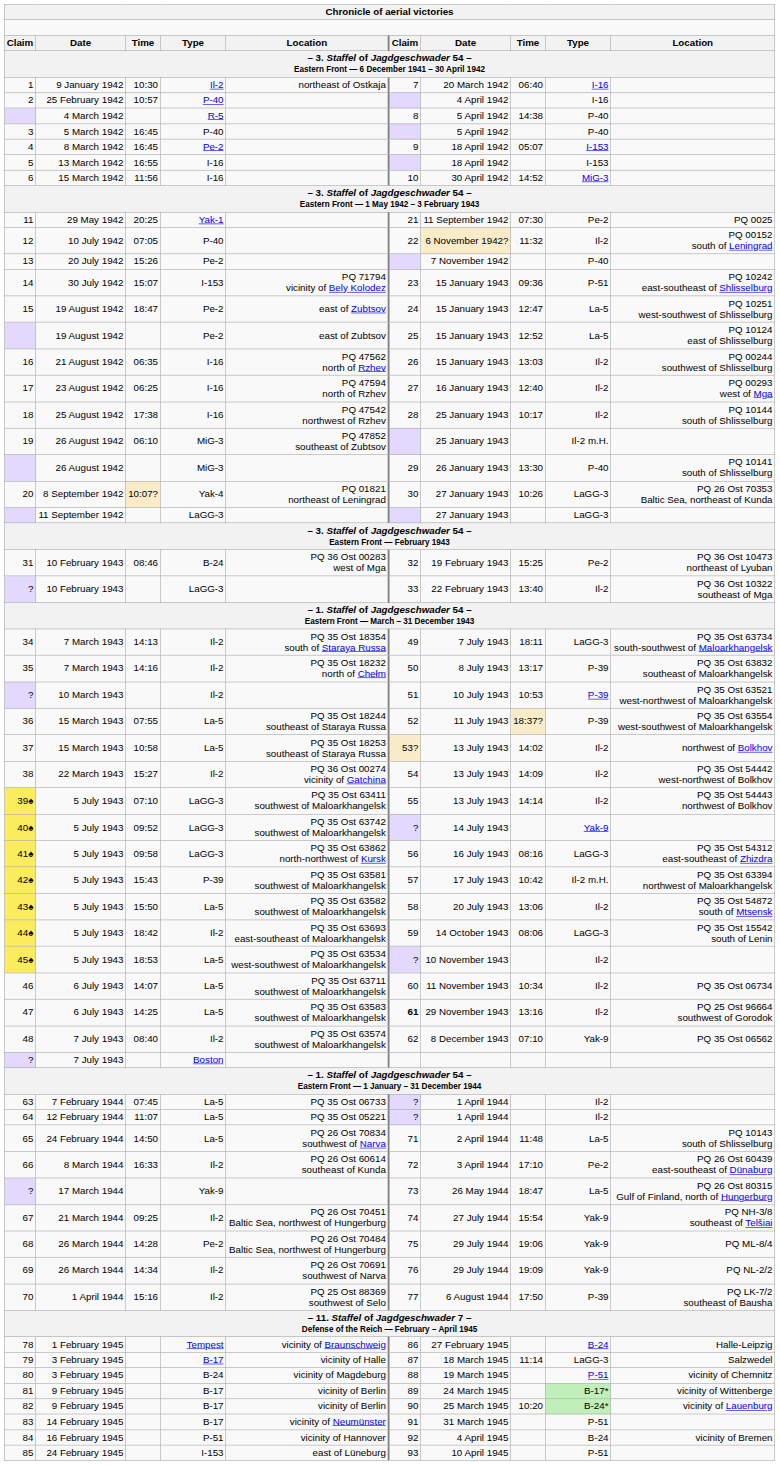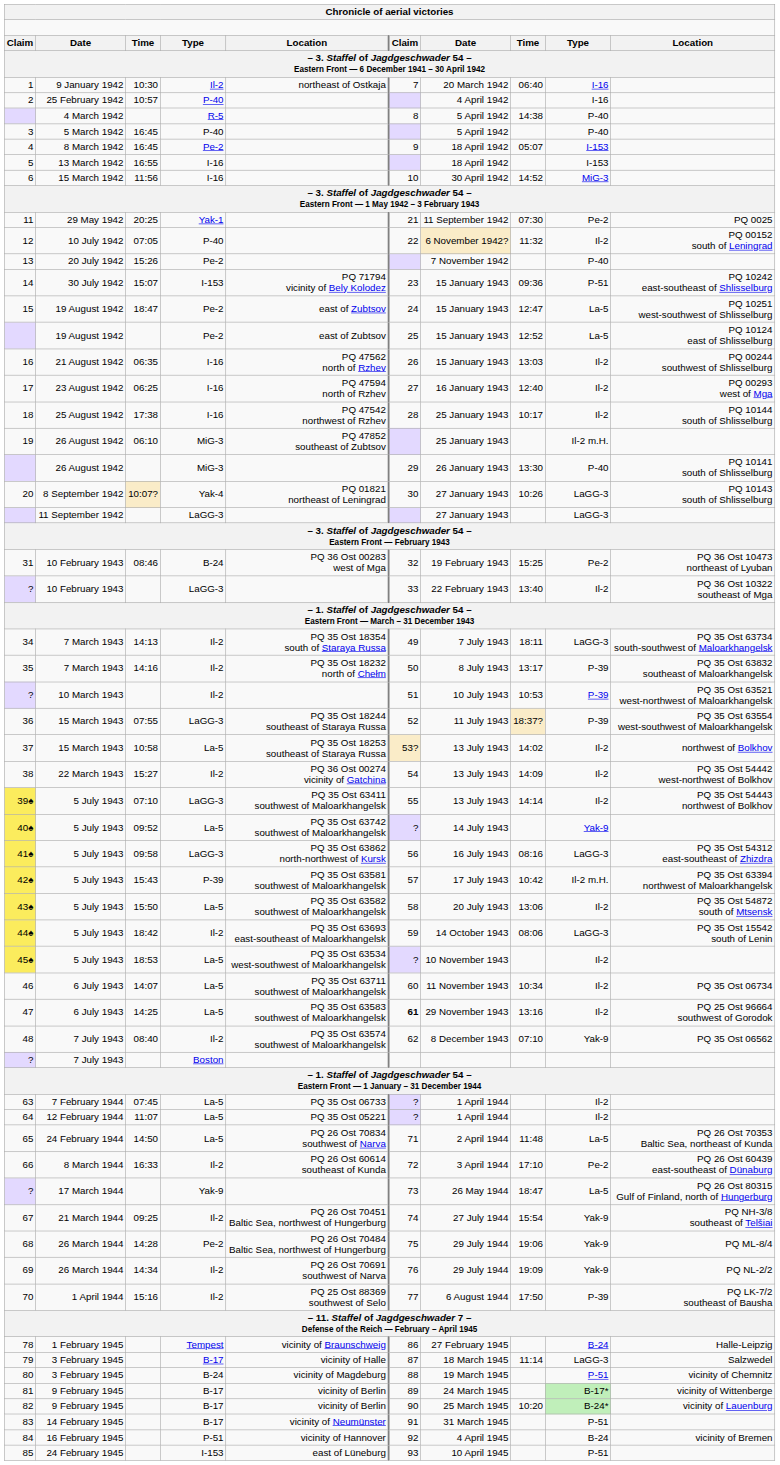 <table class="wikitable plainrowheaders collapsible" style="margin-left: auto; margin-right: auto; border: none; text-align:right; width: 100%;">
 <tr>
 <th colspan="10">Chronicle of aerial victories</th>
 </tr>
 <tr>
 <td colspan="10" style="text-align: left;"><br>   </td>
 </tr>
 <tr>
 <th scope="col">Claim</th>
 <th scope="col">Date</th>
 <th scope="col">Time</th>
 <th scope="col" width="100px">Type</th>
 <th scope="col">Location</th>
 <th scope="col" style="border-left: 3px solid grey;">Claim</th>
 <th scope="col">Date</th>
 <th scope="col">Time</th>
 <th scope="col" width="100px">Type</th>
 <th scope="col">Location</th>
 </tr>
 <tr>
 <th colspan="10">– 3. <em>Staffel</em> of <em>Jagdgeschwader</em> 54 –<br><small>Eastern Front — 6 December 1941 – 30 April 1942</small></th>
 </tr>
 <tr>
 <td>1</td>
 <td>9 January 1942</td>
 <td>10:30</td>
 <td><a href='#'>Il-2</a></td>
 <td> northeast of Ostkaja</td>
 <td style="border-left: 3px solid grey;">7</td>
 <td>20 March 1942</td>
 <td>06:40</td>
 <td><a href='#'>I-16</a></td>
 <td></td>
 </tr>
 <tr>
 <td>2</td>
 <td>25 February 1942</td>
 <td>10:57</td>
 <td><a href='#'>P-40</a></td>
 <td></td>
 <td style="border-left: 3px solid grey; background:#e3d9ff;"></td>
 <td>4 April 1942</td>
 <td></td>
 <td>I-16</td>
 <td></td>
 </tr>
 <tr>
 <td style="background:#e3d9ff;"></td>
 <td>4 March 1942</td>
 <td></td>
 <td><a href='#'>R-5</a></td>
 <td></td>
 <td style="border-left: 3px solid grey;">8</td>
 <td>5 April 1942</td>
 <td>14:38</td>
 <td>P-40</td>
 <td></td>
 </tr>
 <tr>
 <td>3</td>
 <td>5 March 1942</td>
 <td>16:45</td>
 <td>P-40</td>
 <td></td>
 <td style="border-left: 3px solid grey; background:#e3d9ff;"></td>
 <td>5 April 1942</td>
 <td></td>
 <td>P-40</td>
 <td></td>
 </tr>
 <tr>
 <td>4</td>
 <td>8 March 1942</td>
 <td>16:45</td>
 <td><a href='#'>Pe-2</a></td>
 <td></td>
 <td style="border-left: 3px solid grey;">9</td>
 <td>18 April 1942</td>
 <td>05:07</td>
 <td><a href='#'>I-153</a></td>
 <td></td>
 </tr>
 <tr>
 <td>5</td>
 <td>13 March 1942</td>
 <td>16:55</td>
 <td>I-16</td>
 <td></td>
 <td style="border-left: 3px solid grey; background:#e3d9ff;"></td>
 <td>18 April 1942</td>
 <td></td>
 <td>I-153</td>
 <td></td>
 </tr>
 <tr>
 <td>6</td>
 <td>15 March 1942</td>
 <td>11:56</td>
 <td>I-16</td>
 <td></td>
 <td style="border-left: 3px solid grey;">10</td>
 <td>30 April 1942</td>
 <td>14:52</td>
 <td><a href='#'>MiG-3</a></td>
 <td></td>
 </tr>
 <tr>
 <th colspan="10">– 3. <em>Staffel</em> of <em>Jagdgeschwader</em> 54 –<br><small>Eastern Front — 1 May 1942 – 3 February 1943</small></th>
 </tr>
 <tr>
 <td>11</td>
 <td>29 May 1942</td>
 <td>20:25</td>
 <td><a href='#'>Yak-1</a></td>
 <td></td>
 <td style="border-left: 3px solid grey;">21</td>
 <td>11 September 1942</td>
 <td>07:30</td>
 <td>Pe-2</td>
 <td>PQ 0025</td>
 </tr>
 <tr>
 <td>12</td>
 <td>10 July 1942</td>
 <td>07:05</td>
 <td>P-40</td>
 <td></td>
 <td style="border-left: 3px solid grey;">22</td>
 <td style="background:#faecc8">6 November 1942?</td>
 <td>11:32</td>
 <td>Il-2</td>
 <td>PQ 00152<br> south of <a href='#'>Leningrad</a></td>
 </tr>
 <tr>
 <td>13</td>
 <td>20 July 1942</td>
 <td>15:26</td>
 <td>Pe-2</td>
 <td></td>
 <td style="border-left: 3px solid grey; background:#e3d9ff;"></td>
 <td>7 November 1942</td>
 <td></td>
 <td>P-40</td>
 <td></td>
 </tr>
 <tr>
 <td>14</td>
 <td>30 July 1942</td>
 <td>15:07</td>
 <td>I-153</td>
 <td>PQ 71794<br>vicinity of <a href='#'>Bely Kolodez</a></td>
 <td style="border-left: 3px solid grey;">23</td>
 <td>15 January 1943</td>
 <td>09:36</td>
 <td>P-51</td>
 <td>PQ 10242<br> east-southeast of <a href='#'>Shlisselburg</a></td>
 </tr>
 <tr>
 <td>15</td>
 <td>19 August 1942</td>
 <td>18:47</td>
 <td>Pe-2</td>
 <td>east of <a href='#'>Zubtsov</a></td>
 <td style="border-left: 3px solid grey;">24</td>
 <td>15 January 1943</td>
 <td>12:47</td>
 <td>La-5</td>
 <td>PQ 10251<br> west-southwest of Shlisselburg</td>
 </tr>
 <tr>
 <td style="background:#e3d9ff;"></td>
 <td>19 August 1942</td>
 <td></td>
 <td>Pe-2</td>
 <td>east of Zubtsov</td>
 <td style="border-left: 3px solid grey;">25</td>
 <td>15 January 1943</td>
 <td>12:52</td>
 <td>La-5</td>
 <td>PQ 10124<br>east of Shlisselburg</td>
 </tr>
 <tr>
 <td>16</td>
 <td>21 August 1942</td>
 <td>06:35</td>
 <td>I-16</td>
 <td>PQ 47562<br> north of <a href='#'>Rzhev</a></td>
 <td style="border-left: 3px solid grey;">26</td>
 <td>15 January 1943</td>
 <td>13:03</td>
 <td>Il-2</td>
 <td>PQ 00244<br> southwest of Shlisselburg</td>
 </tr>
 <tr>
 <td>17</td>
 <td>23 August 1942</td>
 <td>06:25</td>
 <td>I-16</td>
 <td>PQ 47594<br>north of Rzhev</td>
 <td style="border-left: 3px solid grey;">27</td>
 <td>16 January 1943</td>
 <td>12:40</td>
 <td>Il-2</td>
 <td>PQ 00293<br> west of <a href='#'>Mga</a></td>
 </tr>
 <tr>
 <td>18</td>
 <td>25 August 1942</td>
 <td>17:38</td>
 <td>I-16</td>
 <td>PQ 47542<br> northwest of Rzhev</td>
 <td style="border-left: 3px solid grey;">28</td>
 <td>25 January 1943</td>
 <td>10:17</td>
 <td>Il-2</td>
 <td>PQ 10144<br>south of Shlisselburg</td>
 </tr>
 <tr>
 <td>19</td>
 <td>26 August 1942</td>
 <td>06:10</td>
 <td>MiG-3</td>
 <td>PQ 47852<br> southeast of Zubtsov</td>
 <td style="border-left: 3px solid grey; background:#e3d9ff;"></td>
 <td>25 January 1943</td>
 <td></td>
 <td>Il-2 m.H.</td>
 <td></td>
 </tr>
 <tr>
 <td style="background:#e3d9ff;"></td>
 <td>26 August 1942</td>
 <td></td>
 <td>MiG-3</td>
 <td></td>
 <td style="border-left: 3px solid grey;">29</td>
 <td>26 January 1943</td>
 <td>13:30</td>
 <td>P-40</td>
 <td>PQ 10141<br>south of Shlisselburg</td>
 </tr>
 <tr>
 <td>20</td>
 <td>8 September 1942</td>
 <td style="background:#faecc8">10:07?</td>
 <td>Yak-4</td>
 <td>PQ 01821<br> northeast of Leningrad</td>
 <td style="border-left: 3px solid grey;">30</td>
 <td>27 January 1943</td>
 <td>10:26</td>
 <td>LaGG-3</td>
-<td>PQ 26 Ost 70353<br>Baltic Sea,  northeast of Kunda</td>
+<td>PQ 10143<br>south of Shlisselburg</td>
 </tr>
 <tr>
 <td style="background:#e3d9ff;"></td>
 <td>11 September 1942</td>
 <td></td>
 <td>LaGG-3</td>
 <td></td>
 <td style="border-left: 3px solid grey; background:#e3d9ff;"></td>
 <td>27 January 1943</td>
 <td></td>
 <td>LaGG-3</td>
 <td></td>
 </tr>
 <tr>
 <th colspan="10">– 3. <em>Staffel</em> of <em>Jagdgeschwader</em> 54 –<br><small>Eastern Front — February 1943</small></th>
 </tr>
 <tr>
 <td>31</td>
 <td>10 February 1943</td>
 <td>08:46</td>
 <td>B-24</td>
 <td>PQ 36 Ost 00283<br> west of Mga</td>
 <td style="border-left: 3px solid grey;">32</td>
 <td>19 February 1943</td>
 <td>15:25</td>
 <td>Pe-2</td>
 <td>PQ 36 Ost 10473<br> northeast of Lyuban</td>
 </tr>
 <tr>
 <td style="background:#e3d9ff;">?</td>
 <td>10 February 1943</td>
 <td></td>
 <td>LaGG-3</td>
 <td></td>
 <td style="border-left: 3px solid grey;">33</td>
 <td>22 February 1943</td>
 <td>13:40</td>
 <td>Il-2</td>
 <td>PQ 36 Ost 10322<br> southeast of Mga</td>
 </tr>
 <tr>
 <th colspan="10">– 1. <em>Staffel</em> of <em>Jagdgeschwader</em> 54 –<br><small>Eastern Front — March – 31 December 1943</small></th>
 </tr>
 <tr>
 <td>34</td>
 <td>7 March 1943</td>
 <td>14:13</td>
 <td>Il-2</td>
 <td>PQ 35 Ost 18354<br> south of <a href='#'>Staraya Russa</a></td>
 <td style="border-left: 3px solid grey;">49</td>
 <td>7 July 1943</td>
 <td>18:11</td>
 <td>LaGG-3</td>
 <td>PQ 35 Ost 63734<br> south-southwest of <a href='#'>Maloarkhangelsk</a></td>
 </tr>
 <tr>
 <td>35</td>
 <td>7 March 1943</td>
 <td>14:16</td>
 <td>Il-2</td>
 <td>PQ 35 Ost 18232<br> north of <a href='#'>Chełm</a></td>
 <td style="border-left: 3px solid grey;">50</td>
 <td>8 July 1943</td>
 <td>13:17</td>
 <td>P-39</td>
 <td>PQ 35 Ost 63832<br> southeast of Maloarkhangelsk</td>
 </tr>
 <tr>
 <td style="background:#e3d9ff;">?</td>
 <td>10 March 1943</td>
 <td></td>
 <td>Il-2</td>
 <td></td>
 <td style="border-left: 3px solid grey;">51</td>
 <td>10 July 1943</td>
 <td>10:53</td>
 <td><a href='#'>P-39</a></td>
 <td>PQ 35 Ost 63521<br> west-northwest of Maloarkhangelsk</td>
 </tr>
 <tr>
 <td>36</td>
 <td>15 March 1943</td>
 <td>07:55</td>
-<td>La-5</td>
+<td>LaGG-3</td>
 <td>PQ 35 Ost 18244<br> southeast of Staraya Russa</td>
 <td style="border-left: 3px solid grey;">52</td>
 <td>11 July 1943</td>
 <td style="background:#faecc8">18:37?</td>
 <td>P-39</td>
 <td>PQ 35 Ost 63554<br> west-southwest of Maloarkhangelsk</td>
 </tr>
 <tr>
 <td>37</td>
 <td>15 March 1943</td>
 <td>10:58</td>
 <td>La-5</td>
 <td>PQ 35 Ost 18253<br> southeast of Staraya Russa</td>
 <td style="border-left: 3px solid grey; background:#faecc8">53?</td>
 <td>13 July 1943</td>
 <td>14:02</td>
 <td>Il-2</td>
 <td> northwest of <a href='#'>Bolkhov</a></td>
 </tr>
 <tr>
 <td>38</td>
 <td>22 March 1943</td>
 <td>15:27</td>
 <td>Il-2</td>
 <td>PQ 36 Ost 00274<br>vicinity of <a href='#'>Gatchina</a></td>
 <td style="border-left: 3px solid grey;">54</td>
 <td>13 July 1943</td>
 <td>14:09</td>
 <td>Il-2</td>
 <td>PQ 35 Ost 54442<br> west-northwest of Bolkhov</td>
 </tr>
 <tr>
 <td style="background:#fbec5d;">39♠</td>
 <td>5 July 1943</td>
 <td>07:10</td>
 <td>LaGG-3</td>
 <td>PQ 35 Ost 63411<br> southwest of Maloarkhangelsk</td>
 <td style="border-left: 3px solid grey;">55</td>
 <td>13 July 1943</td>
 <td>14:14</td>
 <td>Il-2</td>
 <td>PQ 35 Ost 54443<br> northwest of Bolkhov</td>
 </tr>
 <tr>
 <td style="background:#fbec5d;">40♠</td>
 <td>5 July 1943</td>
 <td>09:52</td>
-<td>LaGG-3</td>
+<td>La-5</td>
 <td>PQ 35 Ost 63742<br> southwest of Maloarkhangelsk</td>
 <td style="border-left: 3px solid grey; background:#e3d9ff;">?</td>
 <td>14 July 1943</td>
 <td></td>
 <td><a href='#'>Yak-9</a></td>
 <td></td>
 </tr>
 <tr>
 <td style="background:#fbec5d;">41♠</td>
 <td>5 July 1943</td>
 <td>09:58</td>
 <td>LaGG-3</td>
 <td>PQ 35 Ost 63862<br> north-northwest of <a href='#'>Kursk</a></td>
 <td style="border-left: 3px solid grey;">56</td>
 <td>16 July 1943</td>
 <td>08:16</td>
 <td>LaGG-3</td>
 <td>PQ 35 Ost 54312<br> east-southeast of <a href='#'>Zhizdra</a></td>
 </tr>
 <tr>
 <td style="background:#fbec5d;">42♠</td>
 <td>5 July 1943</td>
 <td>15:43</td>
 <td>P-39</td>
 <td>PQ 35 Ost 63581<br> southwest of Maloarkhangelsk</td>
 <td style="border-left: 3px solid grey;">57</td>
 <td>17 July 1943</td>
 <td>10:42</td>
 <td>Il-2 m.H.</td>
 <td>PQ 35 Ost 63394<br> northwest of Maloarkhangelsk</td>
 </tr>
 <tr>
 <td style="background:#fbec5d;">43♠</td>
 <td>5 July 1943</td>
 <td>15:50</td>
 <td>La-5</td>
 <td>PQ 35 Ost 63582<br> southwest of Maloarkhangelsk</td>
 <td style="border-left: 3px solid grey;">58</td>
 <td>20 July 1943</td>
 <td>13:06</td>
 <td>Il-2</td>
 <td>PQ 35 Ost 54872<br> south of <a href='#'>Mtsensk</a></td>
 </tr>
 <tr>
 <td style="background:#fbec5d;">44♠</td>
 <td>5 July 1943</td>
 <td>18:42</td>
 <td>Il-2</td>
 <td>PQ 35 Ost 63693<br> east-southeast of Maloarkhangelsk</td>
 <td style="border-left: 3px solid grey;">59</td>
 <td>14 October 1943</td>
 <td>08:06</td>
 <td>LaGG-3</td>
 <td>PQ 35 Ost 15542<br>south of Lenin</td>
 </tr>
 <tr>
 <td style="background:#fbec5d;">45♠</td>
 <td>5 July 1943</td>
 <td>18:53</td>
 <td>La-5</td>
 <td>PQ 35 Ost 63534<br> west-southwest of Maloarkhangelsk</td>
 <td style="border-left: 3px solid grey; background:#e3d9ff;">?</td>
 <td>10 November 1943</td>
 <td></td>
 <td>Il-2</td>
 <td></td>
 </tr>
 <tr>
 <td>46</td>
 <td>6 July 1943</td>
 <td>14:07</td>
 <td>La-5</td>
 <td>PQ 35 Ost 63711<br> southwest of Maloarkhangelsk</td>
 <td style="border-left: 3px solid grey;">60</td>
 <td>11 November 1943</td>
 <td>10:34</td>
 <td>Il-2</td>
 <td>PQ 35 Ost 06734</td>
 </tr>
 <tr>
 <td>47</td>
 <td>6 July 1943</td>
 <td>14:25</td>
 <td>La-5</td>
 <td>PQ 35 Ost 63583<br> southwest of Maloarkhangelsk</td>
 <td style="border-left: 3px solid grey;"><strong>61</strong></td>
 <td>29 November 1943</td>
 <td>13:16</td>
 <td>Il-2</td>
 <td>PQ 25 Ost 96664<br> southwest of Gorodok</td>
 </tr>
 <tr>
 <td>48</td>
 <td>7 July 1943</td>
 <td>08:40</td>
 <td>Il-2</td>
 <td>PQ 35 Ost 63574<br> southwest of Maloarkhangelsk</td>
 <td style="border-left: 3px solid grey;">62</td>
 <td>8 December 1943</td>
 <td>07:10</td>
 <td>Yak-9</td>
 <td>PQ 35 Ost 06562</td>
 </tr>
 <tr>
 <td style="background:#e3d9ff;">?</td>
 <td>7 July 1943</td>
 <td></td>
 <td><a href='#'>Boston</a></td>
 <td></td>
 <td style="border-left: 3px solid grey;"></td>
 <td></td>
 <td></td>
 <td></td>
 <td></td>
 </tr>
 <tr>
 <th colspan="10">– 1. <em>Staffel</em> of <em>Jagdgeschwader</em> 54 –<br><small>Eastern Front — 1 January – 31 December 1944</small></th>
 </tr>
 <tr>
 <td>63</td>
 <td>7 February 1944</td>
 <td>07:45</td>
 <td>La-5</td>
 <td>PQ 35 Ost 06733</td>
 <td style="border-left: 3px solid grey; background:#e3d9ff;">?</td>
 <td>1 April 1944</td>
 <td></td>
 <td>Il-2</td>
 <td></td>
 </tr>
 <tr>
 <td>64</td>
 <td>12 February 1944</td>
 <td>11:07</td>
 <td>La-5</td>
 <td>PQ 35 Ost 05221</td>
 <td style="border-left: 3px solid grey; background:#e3d9ff;">?</td>
 <td>1 April 1944</td>
 <td></td>
 <td>Il-2</td>
 <td></td>
 </tr>
 <tr>
 <td>65</td>
 <td>24 February 1944</td>
 <td>14:50</td>
 <td>La-5</td>
 <td>PQ 26 Ost 70834<br> southwest of <a href='#'>Narva</a></td>
 <td style="border-left: 3px solid grey;">71</td>
 <td>2 April 1944</td>
 <td>11:48</td>
 <td>La-5</td>
-<td>PQ 10143<br>south of Shlisselburg</td>
+<td>PQ 26 Ost 70353<br>Baltic Sea,  northeast of Kunda</td>
 </tr>
 <tr>
 <td>66</td>
 <td>8 March 1944</td>
 <td>16:33</td>
 <td>Il-2</td>
 <td>PQ 26 Ost 60614<br>southeast of Kunda</td>
 <td style="border-left: 3px solid grey;">72</td>
 <td>3 April 1944</td>
 <td>17:10</td>
 <td>Pe-2</td>
 <td>PQ 26 Ost 60439<br> east-southeast of <a href='#'>Dünaburg</a></td>
 </tr>
 <tr>
 <td style="background:#e3d9ff;">?</td>
 <td>17 March 1944</td>
 <td></td>
 <td>Yak-9</td>
 <td></td>
 <td style="border-left: 3px solid grey;">73</td>
 <td>26 May 1944</td>
 <td>18:47</td>
 <td>La-5</td>
 <td>PQ 26 Ost 80315<br>Gulf of Finland, north of <a href='#'>Hungerburg</a></td>
 </tr>
 <tr>
 <td>67</td>
 <td>21 March 1944</td>
 <td>09:25</td>
 <td>Il-2</td>
 <td>PQ 26 Ost 70451<br>Baltic Sea,  northwest of Hungerburg</td>
 <td style="border-left: 3px solid grey;">74</td>
 <td>27 July 1944</td>
 <td>15:54</td>
 <td>Yak-9</td>
 <td>PQ NH-3/8<br>southeast of <a href='#'>Telšiai</a></td>
 </tr>
 <tr>
 <td>68</td>
 <td>26 March 1944</td>
 <td>14:28</td>
 <td>Pe-2</td>
 <td>PQ 26 Ost 70484<br>Baltic Sea,  northwest of Hungerburg</td>
 <td style="border-left: 3px solid grey;">75</td>
 <td>29 July 1944</td>
 <td>19:06</td>
 <td>Yak-9</td>
 <td>PQ ML-8/4</td>
 </tr>
 <tr>
 <td>69</td>
 <td>26 March 1944</td>
 <td>14:34</td>
 <td>Il-2</td>
 <td>PQ 26 Ost 70691<br> southwest of Narva</td>
 <td style="border-left: 3px solid grey;">76</td>
 <td>29 July 1944</td>
 <td>19:09</td>
 <td>Yak-9</td>
 <td>PQ NL-2/2</td>
 </tr>
 <tr>
 <td>70</td>
 <td>1 April 1944</td>
 <td>15:16</td>
 <td>Il-2</td>
 <td>PQ 25 Ost 88369<br> southwest of Selo</td>
 <td style="border-left: 3px solid grey;">77</td>
 <td>6 August 1944</td>
 <td>17:50</td>
 <td>P-39</td>
 <td>PQ LK-7/2<br>southeast of Bausha</td>
 </tr>
 <tr>
 <th colspan="10">– 11. <em>Staffel</em> of <em>Jagdgeschwader</em> 7 –<br><small>Defense of the Reich — February – April 1945</small></th>
 </tr>
 <tr>
 <td>78</td>
 <td>1 February 1945</td>
 <td></td>
 <td><a href='#'>Tempest</a></td>
 <td>vicinity of <a href='#'>Braunschweig</a></td>
 <td style="border-left: 3px solid grey;">86</td>
 <td>27 February 1945</td>
 <td></td>
 <td><a href='#'>B-24</a></td>
 <td>Halle-Leipzig</td>
 </tr>
 <tr>
 <td>79</td>
 <td>3 February 1945</td>
 <td></td>
 <td><a href='#'>B-17</a></td>
 <td>vicinity of Halle</td>
 <td style="border-left: 3px solid grey;">87</td>
 <td>18 March 1945</td>
 <td>11:14</td>
 <td>LaGG-3</td>
 <td>Salzwedel</td>
 </tr>
 <tr>
 <td>80</td>
 <td>3 February 1945</td>
 <td></td>
 <td>B-24</td>
 <td>vicinity of Magdeburg</td>
 <td style="border-left: 3px solid grey;">88</td>
 <td>19 March 1945</td>
 <td></td>
 <td><a href='#'>P-51</a></td>
 <td>vicinity of Chemnitz</td>
 </tr>
 <tr>
 <td>81</td>
 <td>9 February 1945</td>
 <td></td>
 <td>B-17</td>
 <td>vicinity of Berlin</td>
 <td style="border-left: 3px solid grey;">89</td>
 <td>24 March 1945</td>
 <td></td>
 <td style="background:#C0EFBA">B-17*</td>
 <td>vicinity of Wittenberge</td>
 </tr>
 <tr>
 <td>82</td>
 <td>9 February 1945</td>
 <td></td>
 <td>B-17</td>
 <td>vicinity of Berlin</td>
 <td style="border-left: 3px solid grey;">90</td>
 <td>25 March 1945</td>
 <td>10:20</td>
 <td style="background:#C0EFBA">B-24*</td>
 <td>vicinity of <a href='#'>Lauenburg</a></td>
 </tr>
 <tr>
 <td>83</td>
 <td>14 February 1945</td>
 <td></td>
 <td>B-17</td>
 <td>vicinity of <a href='#'>Neumünster</a></td>
 <td style="border-left: 3px solid grey;">91</td>
 <td>31 March 1945</td>
 <td></td>
 <td>P-51</td>
 <td></td>
 </tr>
 <tr>
 <td>84</td>
 <td>16 February 1945</td>
 <td></td>
 <td>P-51</td>
 <td>vicinity of Hannover</td>
 <td style="border-left: 3px solid grey;">92</td>
 <td>4 April 1945</td>
 <td></td>
 <td>B-24</td>
 <td>vicinity of Bremen</td>
 </tr>
 <tr>
 <td>85</td>
 <td>24 February 1945</td>
 <td></td>
 <td>I-153</td>
 <td>east of Lüneburg</td>
 <td style="border-left: 3px solid grey;">93</td>
 <td>10 April 1945</td>
 <td></td>
 <td>P-51</td>
 <td></td>
 </tr>
 </table>
